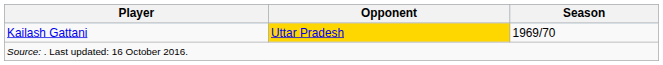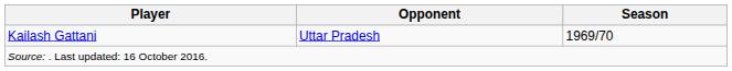 <table class="wikitable" width=70%>
 <tr bgcolor=#87cefa>
 <th>Player</th>
 <th>Opponent</th>
 <th>Season</th>
 </tr>
 <tr>
 <td><a href='#'>Kailash Gattani</a></td>
-<td style="background: gold;"><a href='#'>Uttar Pradesh</a></td>
+<td><a href='#'>Uttar Pradesh</a></td>
 <td>1969/70</td>
 </tr>
 <tr>
 <td colspan=3><small><em>Source:  </em>. Last updated: 16 October 2016.</small></td>
 </tr>
 </table>
